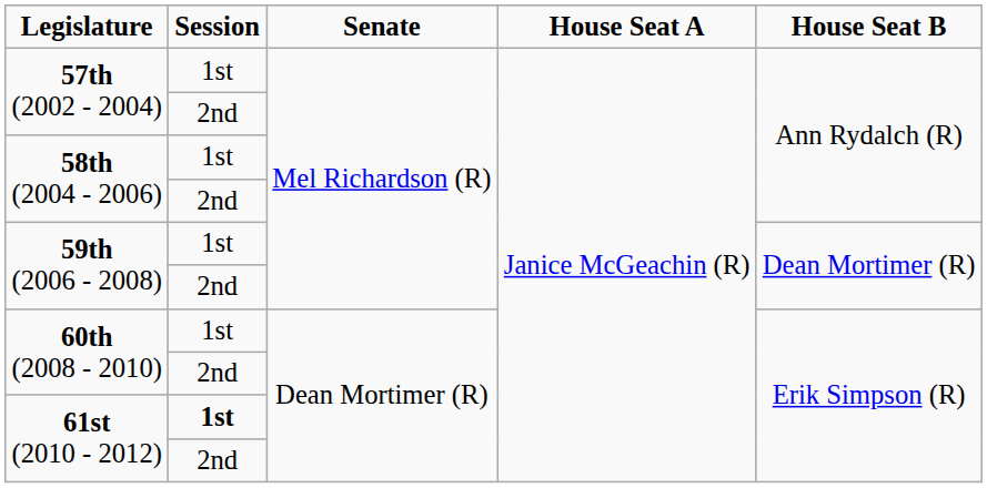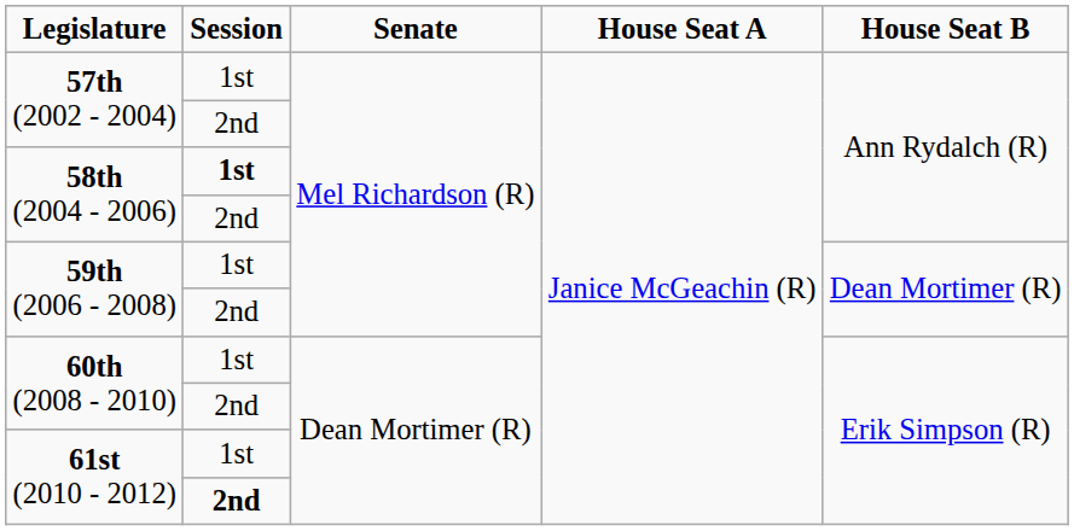 <table class=wikitable style="text-align:center">
 <tr>
 <td><strong>Legislature</strong></td>
 <td><strong>Session</strong></td>
 <td><strong>Senate</strong></td>
 <td><strong>House Seat A</strong></td>
 <td><strong>House Seat B</strong></td>
 </tr>
 <tr>
 <td rowspan="2" colspan="1" style="text-align: center;"><strong>57th</strong> <br> (2002 - 2004)</td>
 <td>1st</td>
 <td rowspan="6" colspan="1" style="text-align: center;" ><a href='#'>Mel Richardson</a> (R)</td>
 <td rowspan="10" colspan="1" style="text-align: center;" ><a href='#'>Janice McGeachin</a> (R)</td>
 <td rowspan="4" colspan="1" style="text-align: center;" >Ann Rydalch (R)</td>
 </tr>
 <tr>
 <td>2nd</td>
 </tr>
 <tr>
 <td rowspan="2" colspan="1" style="text-align: center;"><strong>58th</strong> <br> (2004 - 2006)</td>
-<td>1st</td>
+<td><strong>1st</strong></td>
 </tr>
 <tr>
 <td>2nd</td>
 </tr>
 <tr>
 <td rowspan="2" colspan="1" style="text-align: center;"><strong>59th</strong> <br> (2006 - 2008)</td>
 <td>1st</td>
 <td rowspan="2" colspan="1" style="text-align: center;" ><a href='#'>Dean Mortimer</a> (R)</td>
 </tr>
 <tr>
 <td>2nd</td>
 </tr>
 <tr>
 <td rowspan="2" colspan="1" style="text-align: center;"><strong>60th</strong> <br> (2008 - 2010)</td>
 <td>1st</td>
 <td rowspan="4" colspan="1" style="text-align: center;" >Dean Mortimer (R)</td>
 <td rowspan="4" colspan="1" style="text-align: center;" ><a href='#'>Erik Simpson</a> (R)</td>
 </tr>
 <tr>
 <td>2nd</td>
 </tr>
 <tr>
 <td rowspan="2" colspan="1" style="text-align: center;"><strong>61st</strong> <br> (2010 - 2012)</td>
-<td><strong>1st</strong></td>
+<td>1st</td>
 </tr>
 <tr>
-<td>2nd</td>
+<td><strong>2nd</strong></td>
 </tr>
 </table>
